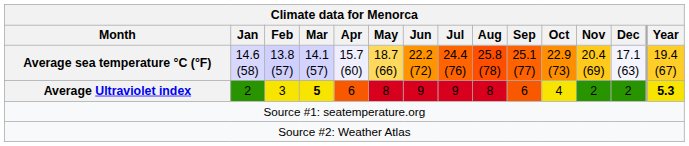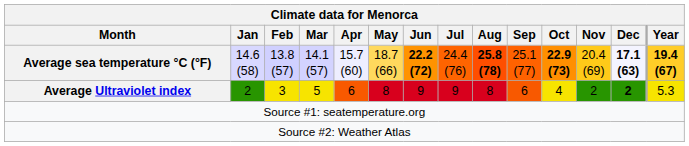 <table style="width:100%;text-align:center;line-height:1.2em;margin-left:auto;margin-right:auto" class="wikitable mw-collapsible">
 <tr>
 <th Colspan=14>Climate data for Menorca</th>
 </tr>
 <tr>
 <th>Month</th>
 <th>Jan</th>
 <th>Feb</th>
 <th>Mar</th>
 <th>Apr</th>
 <th>May</th>
 <th>Jun</th>
 <th>Jul</th>
 <th>Aug</th>
 <th>Sep</th>
 <th>Oct</th>
 <th>Nov</th>
 <th>Dec</th>
 <th style="border-left-width:medium">Year</th>
 </tr>
 <tr>
 <th>Average sea temperature °C (°F)</th>
 <td style="background:#D8D8FF;color:#000000;">14.6<br>(58)</td>
 <td style="background:#D0D0FF;color:#000000;">13.8<br>(57)</td>
 <td style="background:#D3D3FF;color:#000000;">14.1<br>(57)</td>
 <td style="background:#EEEEFF;color:#000000;">15.7<br>(60)</td>
 <td style="background:#FFD95D;color:#000000;">18.7<br>(66)</td>
-<td style="background:#FF9300;color:#000000;">22.2<br>(72)</td>
+<td style="background:#FF9300;color:#000000;"><strong>22.2<br>(72)</strong></td>
 <td style="background:#FF6400;color:#000000;">24.4<br>(76)</td>
-<td style="background:#FF4E00;color:#000000;">25.8<br>(78)</td>
+<td style="background:#FF4E00;color:#000000;"><strong>25.8<br>(78)</strong></td>
 <td style="background:#FF6200;color:#000000;">25.1<br>(77)</td>
-<td style="background:#FF8F00;color:#000000;">22.9<br>(73)</td>
+<td style="background:#FF8F00;color:#000000;"><strong>22.9<br>(73)</strong></td>
 <td style="background:#FFCA19;color:#000000;">20.4<br>(69)</td>
-<td style="background:#F4F4FF;color:#000000;">17.1<br>(63)</td>
-<td style="background:#FFCD28;color:#000000;border-left-width:medium">19.4<br>(67)</td>
+<td style="background:#F4F4FF;color:#000000;"><strong>17.1<br>(63)</strong></td>
+<td style="background:#FFCD28;color:#000000;border-left-width:medium"><strong>19.4<br>(67)</strong></td>
 </tr>
 <tr>
 <th>Average <a href='#'>Ultraviolet index</a></th>
 <td style="background:#289500;color:#000000;">2</td>
 <td style="background:#f7e400;color:#000000;">3</td>
-<td style="background:#f7e400;color:#000000;"><strong>5</strong></td>
+<td style="background:#f7e400;color:#000000;">5</td>
 <td style="background:#f85900;color:#000000;">6</td>
 <td style="background:#d8001d;color:#000000;">8</td>
 <td style="background:#d8001d;color:#000000;">9</td>
 <td style="background:#d8001d;color:#000000;">9</td>
 <td style="background:#d8001d;color:#000000;">8</td>
 <td style="background:#f85900;color:#000000;">6</td>
 <td style="background:#f7e400;color:#000000;">4</td>
 <td style="background:#289500;color:#000000;">2</td>
-<td style="background:#289500;color:#000000;">2</td>
-<td style="background:#f7e400;color:#000000;border-left-width:medium"><strong>5.3</strong></td>
+<td style="background:#289500;color:#000000;"><strong>2</strong></td>
+<td style="background:#f7e400;color:#000000;border-left-width:medium">5.3</td>
 </tr>
 <tr>
 <th Colspan=14 style="background:#f8f9fa;font-weight:normal;font-size:95%;">Source #1: seatemperature.org</th>
 </tr>
 <tr>
 <th Colspan=14 style="background:#f8f9fa;font-weight:normal;font-size:95%;">Source #2: Weather Atlas</th>
 </tr>
 </table>
